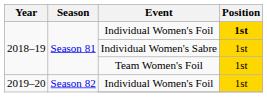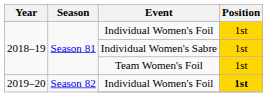 <table class="wikitable" style="text-align:center;">
 <tr>
 <th>Year</th>
 <th>Season</th>
 <th>Event</th>
 <th>Position</th>
 </tr>
 <tr>
 <td rowspan=3>2018–19</td>
 <td rowspan="3" align="left"><a href='#'>Season 81</a></td>
 <td>Individual Women's Foil</td>
-<td bgcolor="gold"><strong>1st</strong></td>
+<td bgcolor="gold">1st</td>
 </tr>
 <tr>
 <td>Individual Women's Sabre</td>
 <td bgcolor="gold">1st</td>
 </tr>
 <tr>
 <td>Team Women's Foil</td>
 <td bgcolor="gold">1st</td>
 </tr>
 <tr>
 <td rowspan=3>2019–20</td>
 <td rowspan="3" align="left"><a href='#'>Season 82</a></td>
 <td>Individual Women's Foil</td>
-<td bgcolor="gold">1st</td>
+<td bgcolor="gold"><strong>1st</strong></td>
 </tr>
 <tr>
 </tr>
 </table>
